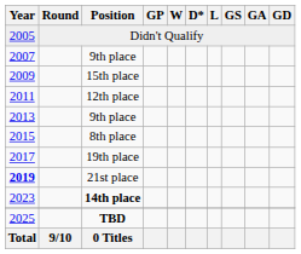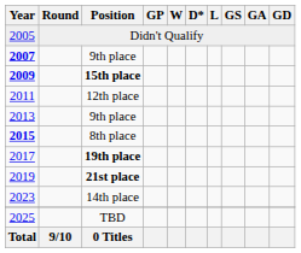 <table class="wikitable" style="text-align: center;">
 <tr>
 <th>Year</th>
 <th>Round</th>
 <th>Position</th>
 <th>GP</th>
 <th>W</th>
 <th>D*</th>
 <th>L</th>
 <th>GS</th>
 <th>GA</th>
 <th>GD</th>
 </tr>
 <tr bgcolor=efefef>
 <td> <a href='#'>2005</a></td>
 <td colspan=9 rowspan=1>Didn't Qualify</td>
 </tr>
 <tr bgcolor=>
-<td> <a href='#'>2007</a></td>
+<td><strong> <a href='#'>2007</a></strong></td>
 <td></td>
 <td>9th place</td>
 <td></td>
 <td></td>
 <td></td>
 <td></td>
 <td></td>
 <td></td>
 <td></td>
 </tr>
 <tr bgcolor=>
-<td> <a href='#'>2009</a></td>
+<td><strong> <a href='#'>2009</a></strong></td>
 <td></td>
-<td>15th place</td>
+<td><strong>15th place</strong></td>
 <td></td>
 <td></td>
 <td></td>
 <td></td>
 <td></td>
 <td></td>
 <td></td>
 </tr>
 <tr bgcolor=>
 <td> <a href='#'>2011</a></td>
 <td></td>
 <td>12th place</td>
 <td></td>
 <td></td>
 <td></td>
 <td></td>
 <td></td>
 <td></td>
 <td></td>
 </tr>
 <tr bgcolor=>
 <td> <a href='#'>2013</a></td>
 <td></td>
 <td>9th place</td>
 <td></td>
 <td></td>
 <td></td>
 <td></td>
 <td></td>
 <td></td>
 <td></td>
 </tr>
 <tr bgcolor=>
-<td> <a href='#'>2015</a></td>
+<td><strong> <a href='#'>2015</a></strong></td>
 <td></td>
 <td>8th place</td>
 <td></td>
 <td></td>
 <td></td>
 <td></td>
 <td></td>
 <td></td>
 <td></td>
 </tr>
 <tr bgcolor=>
 <td> <a href='#'>2017</a></td>
 <td></td>
-<td>19th place</td>
+<td><strong>19th place</strong></td>
 <td></td>
 <td></td>
 <td></td>
 <td></td>
 <td></td>
 <td></td>
 <td></td>
 </tr>
 <tr bgcolor=>
-<td><strong> <a href='#'>2019</a></strong></td>
+<td> <a href='#'>2019</a></td>
 <td></td>
-<td>21st place</td>
+<td><strong>21st place</strong></td>
 <td></td>
 <td></td>
 <td></td>
 <td></td>
 <td></td>
 <td></td>
 <td></td>
 </tr>
 <tr bgcolor=>
 <td> <a href='#'>2023</a></td>
 <td></td>
-<td><strong>14th place</strong></td>
+<td>14th place</td>
 <td></td>
 <td></td>
 <td></td>
 <td></td>
 <td></td>
 <td></td>
 <td></td>
 </tr>
 <tr>
 </tr>
 <tr bgcolor=>
 <td> <a href='#'>2025</a></td>
 <td></td>
-<td><strong>TBD</strong></td>
+<td>TBD</td>
 <td></td>
 <td></td>
 <td></td>
 <td></td>
 <td></td>
 <td></td>
 <td></td>
 </tr>
 <tr>
 <th>Total</th>
 <th>9/10</th>
 <th>0 Titles</th>
 <th></th>
 <th></th>
 <th></th>
 <th></th>
 <th></th>
 <th></th>
 <th></th>
 </tr>
 </table>
